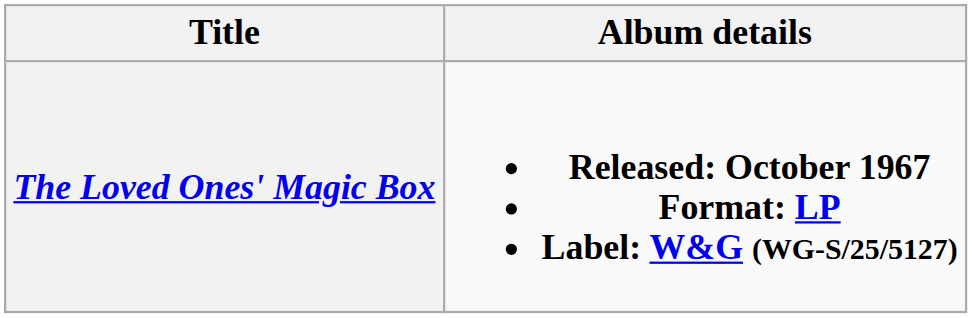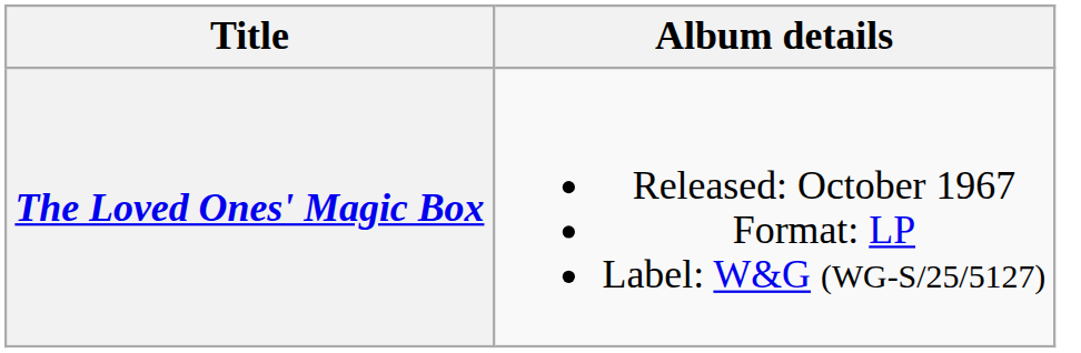 <table class="wikitable plainrowheaders" style="text-align:center;" border="1">
 <tr>
 <th>Title</th>
 <th>Album details</th>
 </tr>
 <tr>
 <th scope="row"><em><a href='#'>The Loved Ones' Magic Box</a></em></th>
-<td><strong><br><ul><li>Released: October 1967</li><li>Format: <a href='#'>LP</a></li><li>Label: <a href='#'>W&G</a> <small>(WG-S/25/5127)</small></li></ul></strong></td>
+<td><br><ul><li>Released: October 1967</li><li>Format: <a href='#'>LP</a></li><li>Label: <a href='#'>W&G</a> <small>(WG-S/25/5127)</small></li></ul></td>
 </tr>
 </table>
